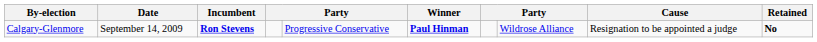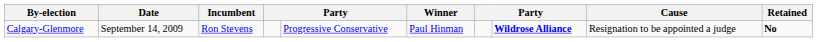 <table class=wikitable style="width:100%">
 <tr>
 <th>By-election</th>
 <th>Date</th>
 <th>Incumbent</th>
 <th colspan=2>Party</th>
 <th>Winner</th>
 <th colspan=2>Party</th>
 <th>Cause</th>
 <th>Retained</th>
 </tr>
 <tr>
 <td><a href='#'>Calgary-Glenmore</a></td>
 <td>September 14, 2009</td>
-<td><strong><a href='#'>Ron Stevens</a></strong></td>
+<td><a href='#'>Ron Stevens</a></td>
 <td>    </td>
 <td><a href='#'>Progressive Conservative</a></td>
-<td><strong><a href='#'>Paul Hinman</a></strong></td>
+<td><a href='#'>Paul Hinman</a></td>
 <td>    </td>
-<td><a href='#'>Wildrose Alliance</a></td>
+<td><strong><a href='#'>Wildrose Alliance</a></strong></td>
 <td>Resignation to be appointed a judge</td>
 <td><strong>No</strong></td>
 </tr>
 </table>
